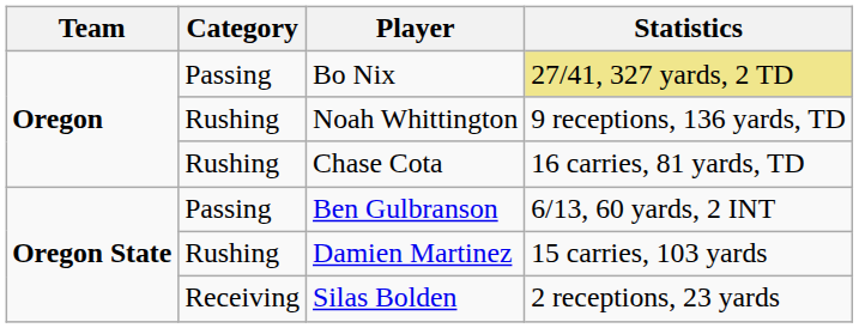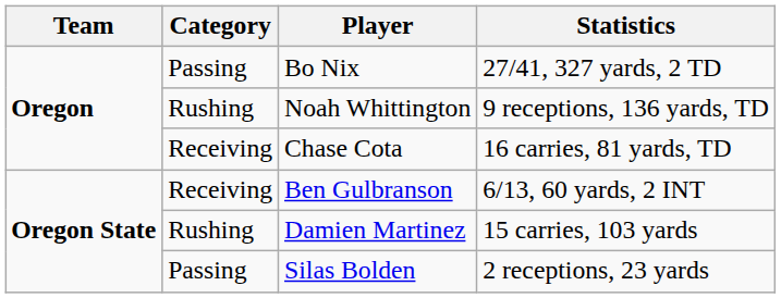 <table class="wikitable" style="float: right;">
 <tr>
 <th>Team</th>
 <th>Category</th>
 <th>Player</th>
 <th>Statistics</th>
 </tr>
 <tr>
 <td rowspan=3><strong>Oregon</strong></td>
 <td>Passing</td>
 <td>Bo Nix</td>
-<td style="background: khaki;">27/41, 327 yards, 2 TD</td>
+<td>27/41, 327 yards, 2 TD</td>
 </tr>
 <tr>
 <td>Rushing</td>
 <td>Noah Whittington</td>
 <td>9 receptions, 136 yards, TD</td>
 </tr>
 <tr>
-<td>Rushing</td>
+<td>Receiving</td>
 <td>Chase Cota</td>
 <td>16 carries, 81 yards, TD</td>
 </tr>
 <tr>
 <td rowspan=3><strong>Oregon State</strong></td>
-<td>Passing</td>
+<td>Receiving</td>
 <td><a href='#'>Ben Gulbranson</a></td>
 <td>6/13, 60 yards, 2 INT</td>
 </tr>
 <tr>
 <td>Rushing</td>
 <td><a href='#'>Damien Martinez</a></td>
 <td>15 carries, 103 yards</td>
 </tr>
 <tr>
-<td>Receiving</td>
+<td>Passing</td>
 <td><a href='#'>Silas Bolden</a></td>
 <td>2 receptions, 23 yards</td>
 </tr>
 </table>
